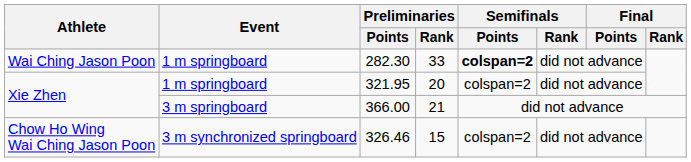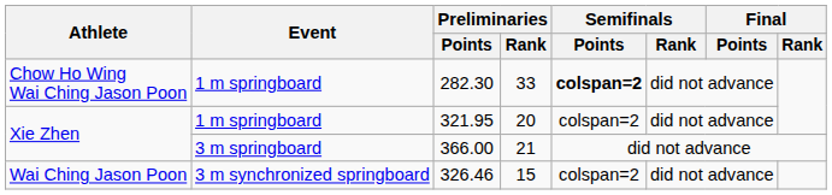 <table class=wikitable style="font-size:90%;">
 <tr>
 <th rowspan="2">Athlete</th>
 <th rowspan="2">Event</th>
 <th colspan="2">Preliminaries</th>
 <th colspan="2">Semifinals</th>
 <th colspan="2">Final</th>
 </tr>
 <tr style="font-size:95%">
 <th>Points</th>
 <th>Rank</th>
 <th>Points</th>
 <th>Rank</th>
 <th>Points</th>
 <th>Rank</th>
 </tr>
 <tr align=center>
-<td align=left><a href='#'>Wai Ching Jason Poon</a></td>
+<td align=left><a href='#'>Chow Ho Wing</a><br><a href='#'>Wai Ching Jason Poon</a></td>
 <td align=left><a href='#'>1 m springboard</a></td>
 <td>282.30</td>
 <td>33</td>
 <td><strong>colspan=2 </strong></td>
 <td colspan=2>did not advance</td>
 </tr>
 <tr align=center>
 <td align=left rowspan=2><a href='#'>Xie Zhen</a></td>
 <td align=left><a href='#'>1 m springboard</a></td>
 <td>321.95</td>
 <td>20</td>
 <td>colspan=2 </td>
 <td colspan=2>did not advance</td>
 </tr>
 <tr align=center>
 <td align=left><a href='#'>3 m springboard</a></td>
 <td>366.00</td>
 <td>21</td>
 <td colspan=4>did not advance</td>
 </tr>
 <tr align=center>
-<td align=left><a href='#'>Chow Ho Wing</a><br><a href='#'>Wai Ching Jason Poon</a></td>
+<td align=left><a href='#'>Wai Ching Jason Poon</a></td>
 <td align=left><a href='#'>3 m synchronized springboard</a></td>
 <td>326.46</td>
 <td>15</td>
 <td>colspan=2 </td>
 <td colspan=2>did not advance</td>
 </tr>
 </table>
